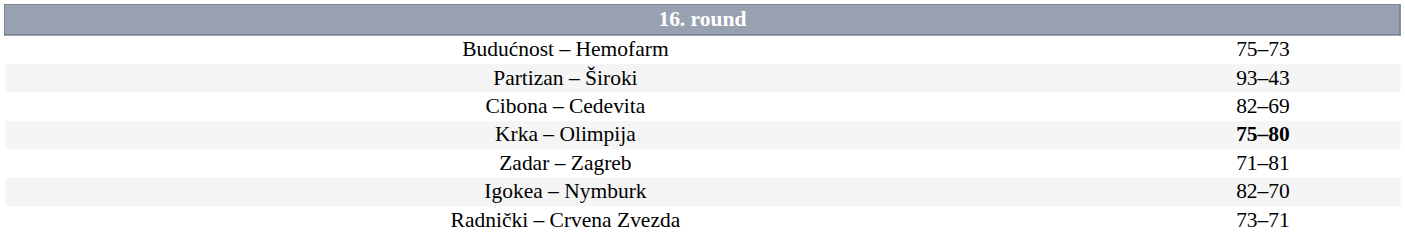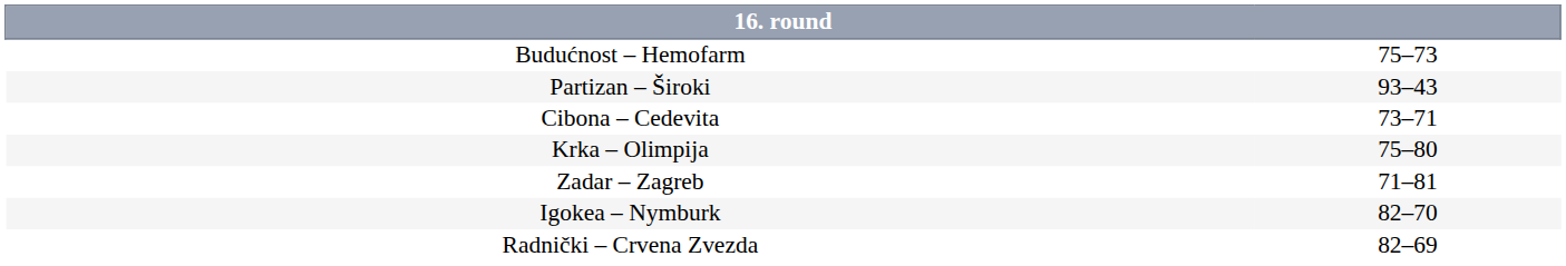 <table border=0 cellspacing=0 cellpadding=1em style="font-size: 85%; border-collapse: collapse;" width=100%>
 <tr>
 <td colspan=5 bgcolor=#98A1B2 style="border:1px solid #7A8392; text-align:center; color:#FFFFFF;"><strong>16. round</strong></td>
 </tr>
 <tr align=center bgcolor=#FFFFFF>
 <td>Budućnost – Hemofarm</td>
 <td>75–73</td>
 </tr>
 <tr align=center bgcolor=#f5f5f5>
 <td>Partizan – Široki</td>
 <td>93–43</td>
 </tr>
 <tr align=center bgcolor=#FFFFFF>
 <td>Cibona – Cedevita</td>
-<td>82–69</td>
+<td>73–71</td>
 </tr>
 <tr align=center bgcolor=#f5f5f5>
 <td>Krka – Olimpija</td>
-<td><strong>75–80</strong></td>
+<td>75–80</td>
 </tr>
 <tr align=center bgcolor=#FFFFFF>
 <td>Zadar – Zagreb</td>
 <td>71–81</td>
 </tr>
 <tr align=center bgcolor=#f5f5f5>
 <td>Igokea – Nymburk</td>
 <td>82–70</td>
 </tr>
 <tr align=center bgcolor=#FFFFFF>
 <td>Radnički – Crvena Zvezda</td>
-<td>73–71</td>
+<td>82–69</td>
 </tr>
 </table>
